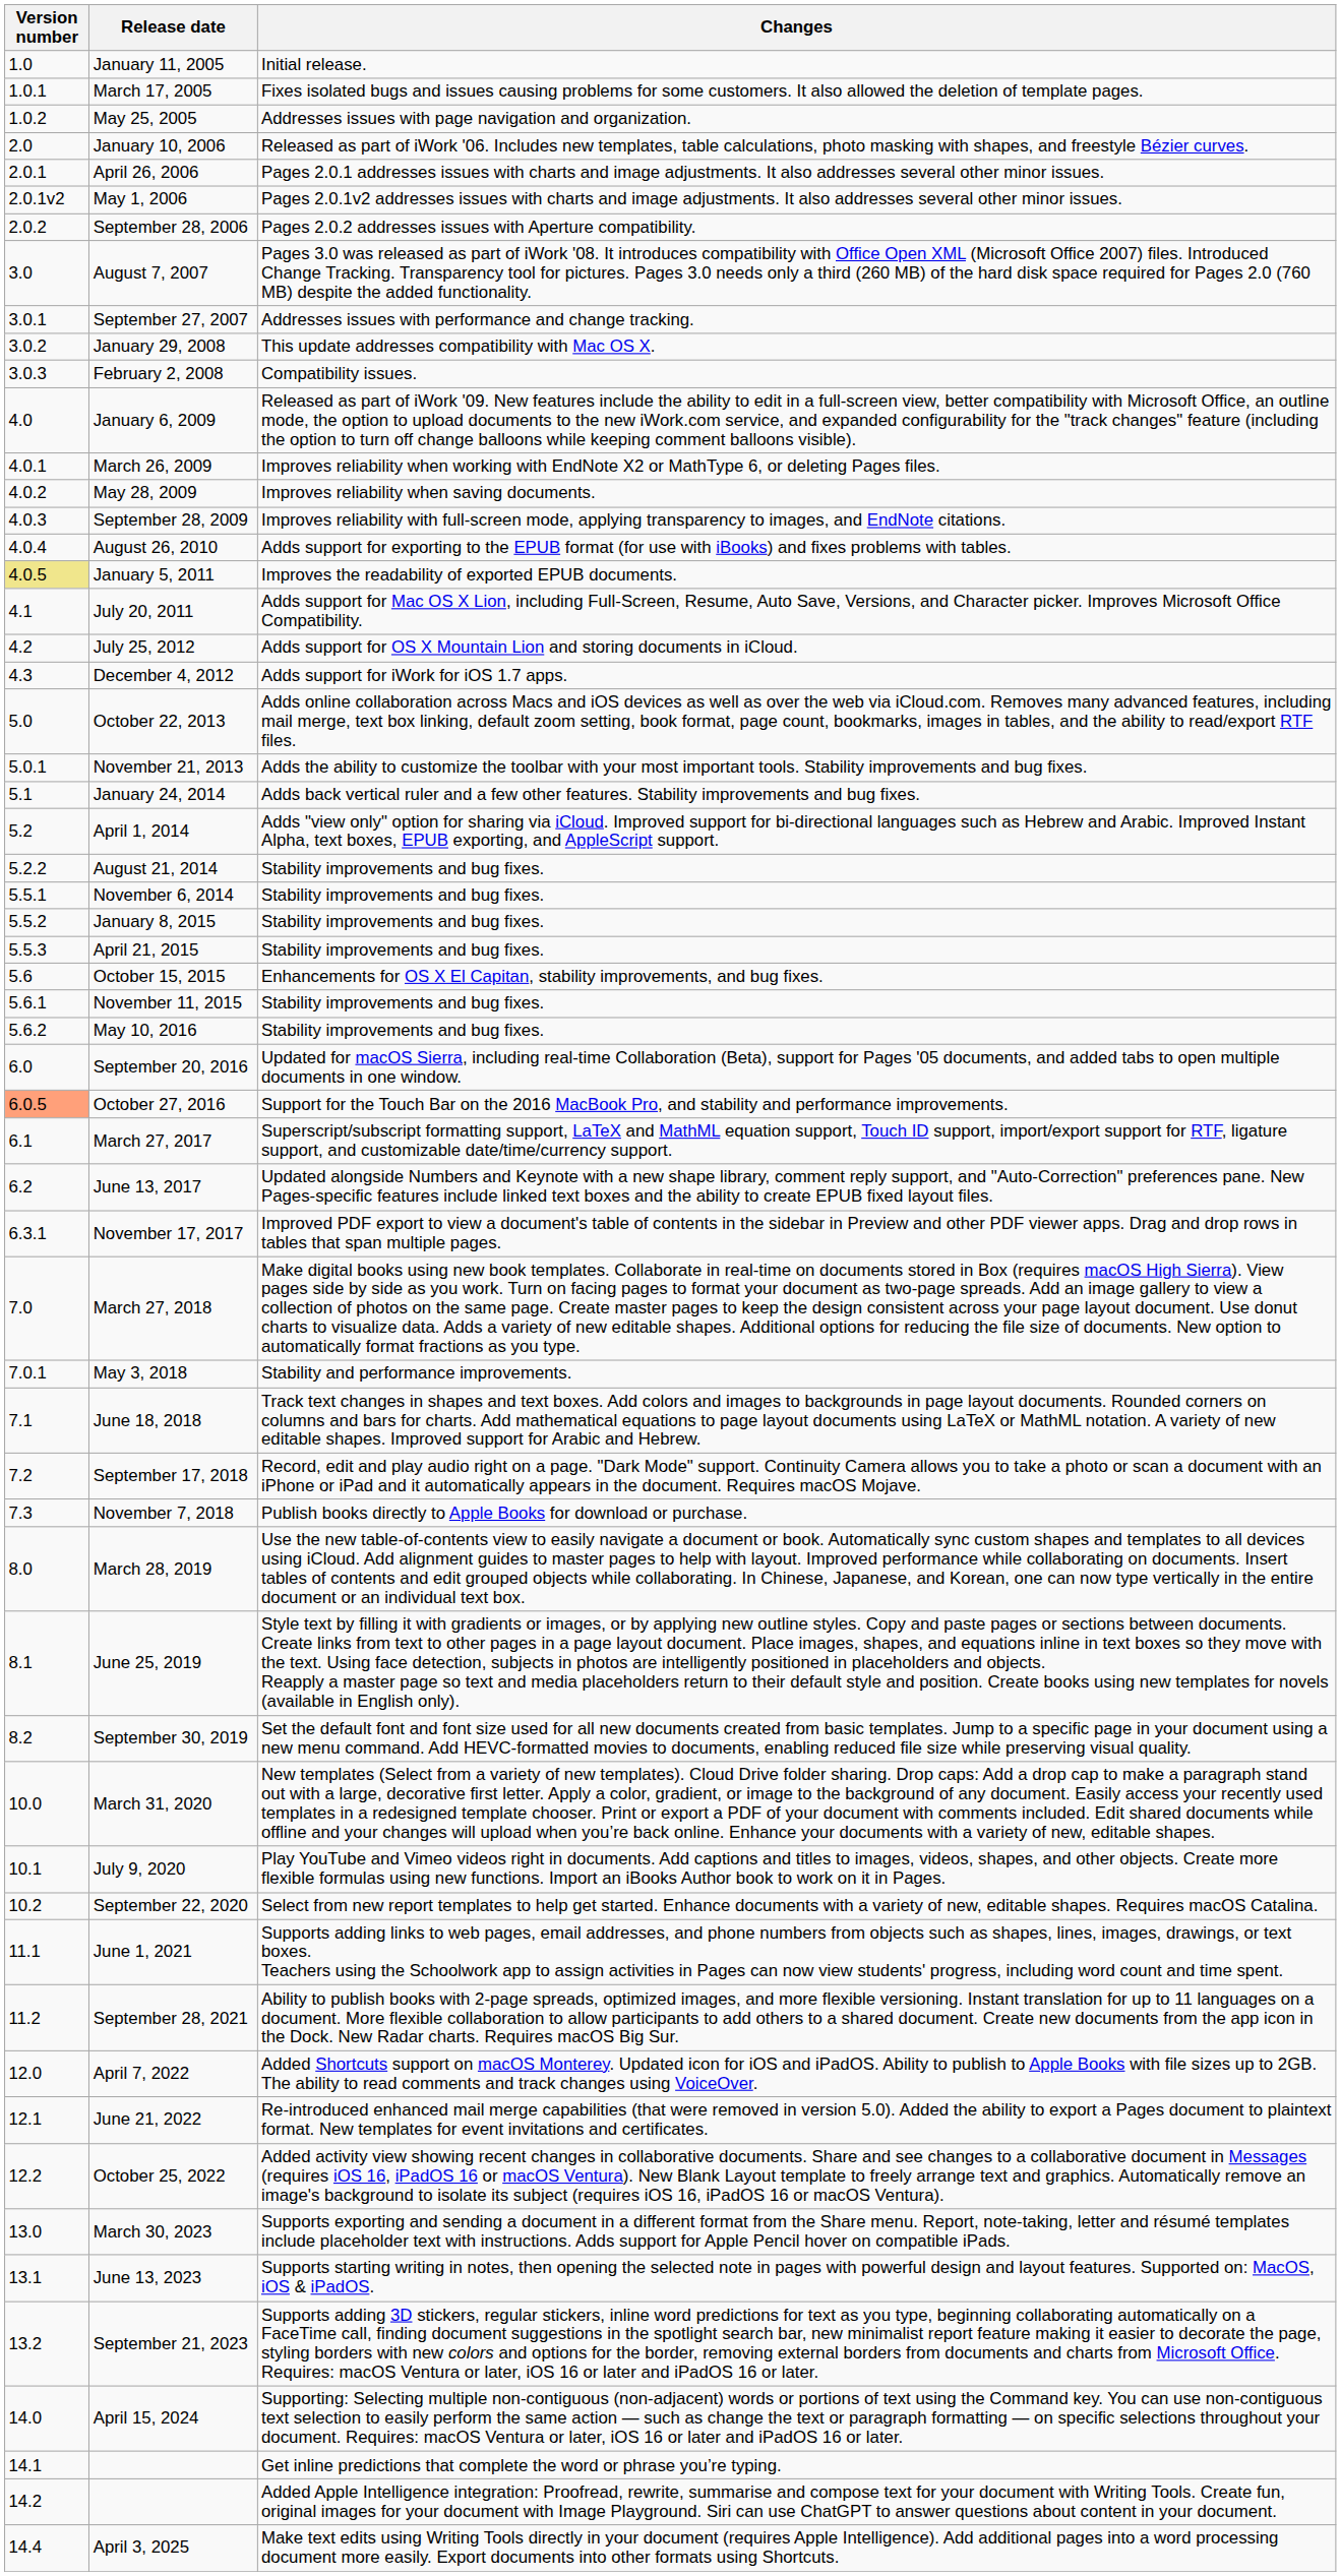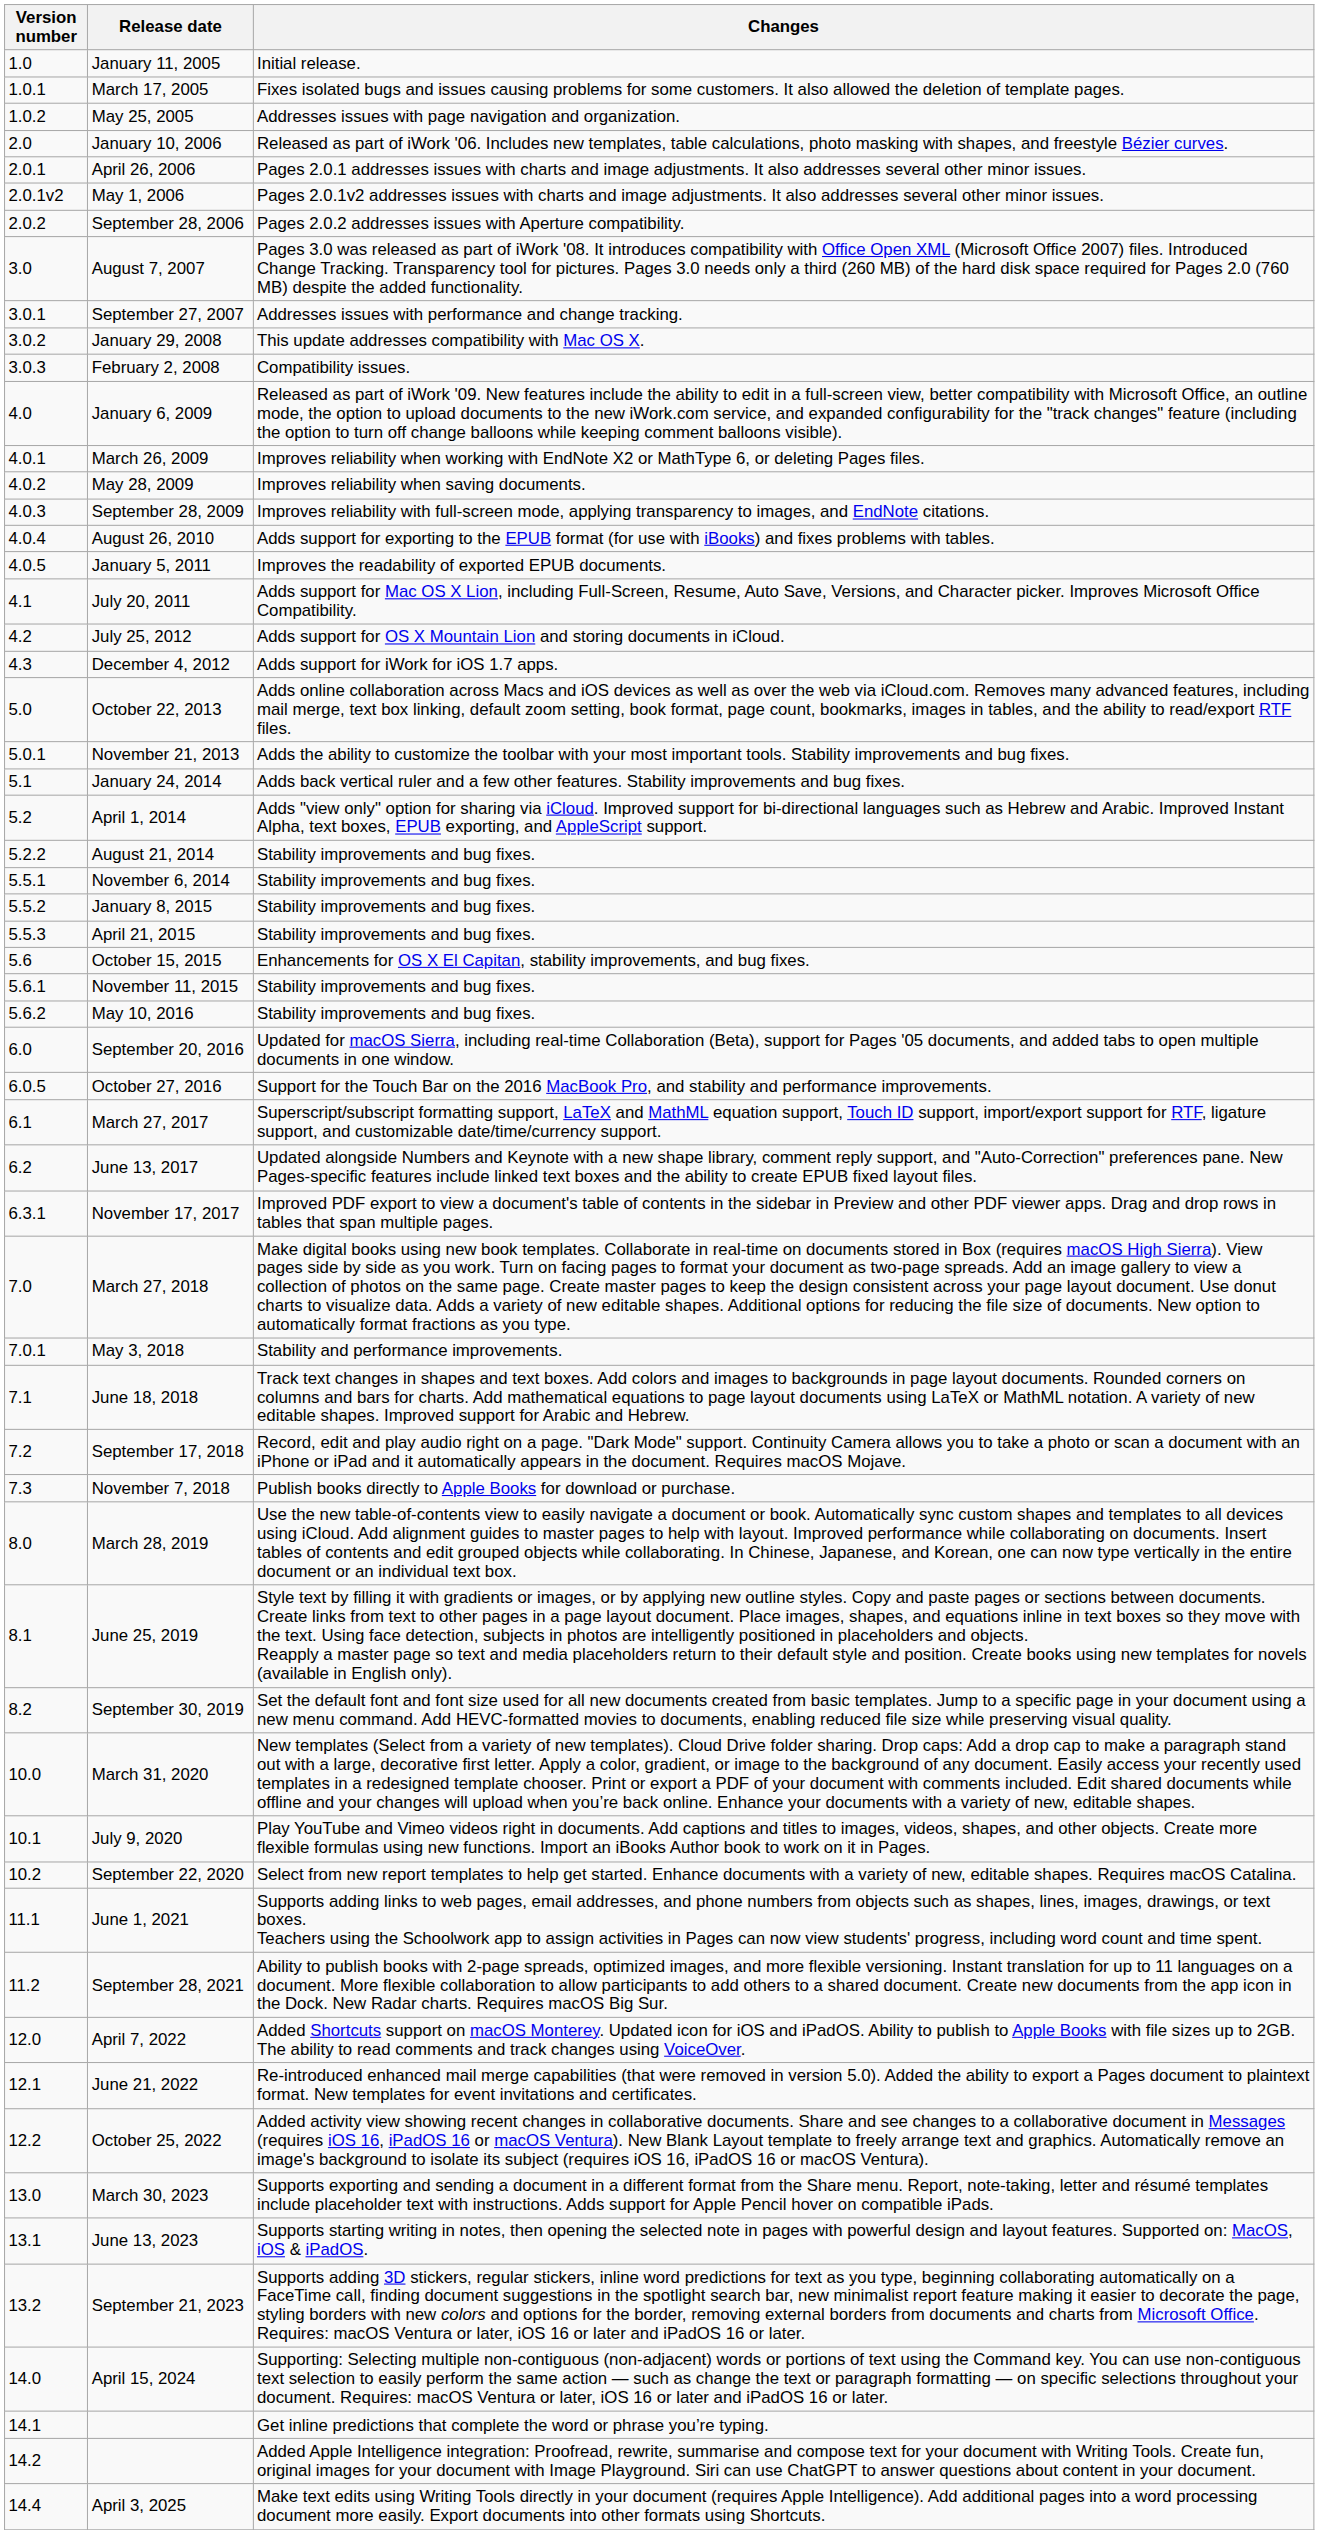 <table class="wikitable" style="text-align: left;">
 <tr>
 <th>Version number</th>
 <th width="150">Release date</th>
 <th>Changes</th>
 </tr>
 <tr>
 <td>1.0</td>
 <td>January 11, 2005</td>
 <td>Initial release.</td>
 </tr>
 <tr>
 <td>1.0.1</td>
 <td>March 17, 2005</td>
 <td>Fixes isolated bugs and issues causing problems for some customers. It also allowed the deletion of template pages.</td>
 </tr>
 <tr>
 <td>1.0.2</td>
 <td>May 25, 2005</td>
 <td>Addresses issues with page navigation and organization.</td>
 </tr>
 <tr>
 <td>2.0</td>
 <td>January 10, 2006</td>
 <td>Released as part of iWork '06. Includes new templates, table calculations, photo masking with shapes, and freestyle <a href='#'>Bézier curves</a>.</td>
 </tr>
 <tr>
 <td>2.0.1</td>
 <td>April 26, 2006</td>
 <td>Pages 2.0.1 addresses issues with charts and image adjustments. It also addresses several other minor issues.</td>
 </tr>
 <tr>
 <td>2.0.1v2</td>
 <td>May 1, 2006</td>
 <td>Pages 2.0.1v2 addresses issues with charts and image adjustments. It also addresses several other minor issues.</td>
 </tr>
 <tr>
 <td>2.0.2</td>
 <td>September 28, 2006</td>
 <td>Pages 2.0.2 addresses issues with Aperture compatibility.</td>
 </tr>
 <tr>
 <td>3.0</td>
 <td>August 7, 2007</td>
 <td>Pages 3.0 was released as part of iWork '08. It introduces compatibility with <a href='#'>Office Open XML</a> (Microsoft Office 2007) files. Introduced Change Tracking. Transparency tool for pictures. Pages 3.0 needs only a third (260 MB) of the hard disk space required for Pages 2.0 (760 MB) despite the added functionality.</td>
 </tr>
 <tr>
 <td>3.0.1</td>
 <td>September 27, 2007</td>
 <td>Addresses issues with performance and change tracking.</td>
 </tr>
 <tr>
 <td>3.0.2</td>
 <td>January 29, 2008</td>
 <td>This update addresses compatibility with <a href='#'>Mac OS X</a>.</td>
 </tr>
 <tr>
 <td>3.0.3</td>
 <td>February 2, 2008</td>
 <td>Compatibility issues.</td>
 </tr>
 <tr>
 <td>4.0</td>
 <td>January 6, 2009</td>
 <td>Released as part of iWork '09. New features include the ability to edit in a full-screen view, better compatibility with Microsoft Office, an outline mode, the option to upload documents to the new iWork.com service, and expanded configurability for the "track changes" feature (including the option to turn off change balloons while keeping comment balloons visible).</td>
 </tr>
 <tr>
 <td>4.0.1</td>
 <td>March 26, 2009</td>
 <td>Improves reliability when working with EndNote X2 or MathType 6, or deleting Pages files.</td>
 </tr>
 <tr>
 <td>4.0.2</td>
 <td>May 28, 2009</td>
 <td>Improves reliability when saving documents.</td>
 </tr>
 <tr>
 <td>4.0.3</td>
 <td>September 28, 2009</td>
 <td>Improves reliability with full-screen mode, applying transparency to images, and <a href='#'>EndNote</a> citations.</td>
 </tr>
 <tr>
 <td>4.0.4</td>
 <td>August 26, 2010</td>
 <td>Adds support for exporting to the <a href='#'>EPUB</a> format (for use with <a href='#'>iBooks</a>) and fixes problems with tables.</td>
 </tr>
 <tr>
-<td style="background: khaki;">4.0.5</td>
+<td>4.0.5</td>
 <td>January 5, 2011</td>
 <td>Improves the readability of exported EPUB documents.</td>
 </tr>
 <tr>
 <td>4.1</td>
 <td>July 20, 2011</td>
 <td>Adds support for <a href='#'>Mac OS X Lion</a>, including Full-Screen, Resume, Auto Save, Versions, and Character picker. Improves Microsoft Office Compatibility.</td>
 </tr>
 <tr>
 <td>4.2</td>
 <td>July 25, 2012</td>
 <td>Adds support for <a href='#'>OS X Mountain Lion</a> and storing documents in iCloud.</td>
 </tr>
 <tr>
 <td>4.3</td>
 <td>December 4, 2012</td>
 <td>Adds support for iWork for iOS 1.7 apps.</td>
 </tr>
 <tr>
 <td>5.0</td>
 <td>October 22, 2013</td>
 <td>Adds online collaboration across Macs and iOS devices as well as over the web via iCloud.com. Removes many advanced features, including mail merge, text box linking, default zoom setting, book format, page count, bookmarks, images in tables, and the ability to read/export <a href='#'>RTF</a> files.</td>
 </tr>
 <tr>
 <td>5.0.1</td>
 <td>November 21, 2013</td>
 <td>Adds the ability to customize the toolbar with your most important tools. Stability improvements and bug fixes.</td>
 </tr>
 <tr>
 <td>5.1</td>
 <td>January 24, 2014</td>
 <td>Adds back vertical ruler and a few other features. Stability improvements and bug fixes.</td>
 </tr>
 <tr>
 <td>5.2</td>
 <td>April 1, 2014</td>
 <td>Adds "view only" option for sharing via <a href='#'>iCloud</a>. Improved support for bi-directional languages such as Hebrew and Arabic. Improved Instant Alpha, text boxes, <a href='#'>EPUB</a> exporting, and <a href='#'>AppleScript</a> support.</td>
 </tr>
 <tr>
 <td>5.2.2</td>
 <td>August 21, 2014</td>
 <td>Stability improvements and bug fixes.</td>
 </tr>
 <tr>
 <td>5.5.1</td>
 <td>November 6, 2014</td>
 <td>Stability improvements and bug fixes.</td>
 </tr>
 <tr>
 <td>5.5.2</td>
 <td>January 8, 2015</td>
 <td>Stability improvements and bug fixes.</td>
 </tr>
 <tr>
 <td>5.5.3</td>
 <td>April 21, 2015</td>
 <td>Stability improvements and bug fixes.</td>
 </tr>
 <tr>
 <td>5.6</td>
 <td>October 15, 2015</td>
 <td>Enhancements for <a href='#'>OS X El Capitan</a>, stability improvements, and bug fixes.</td>
 </tr>
 <tr>
 <td>5.6.1</td>
 <td>November 11, 2015</td>
 <td>Stability improvements and bug fixes.</td>
 </tr>
 <tr>
 <td>5.6.2</td>
 <td>May 10, 2016</td>
 <td>Stability improvements and bug fixes.</td>
 </tr>
 <tr>
 <td>6.0</td>
 <td>September 20, 2016</td>
 <td>Updated for <a href='#'>macOS Sierra</a>, including real-time Collaboration (Beta), support for Pages '05 documents, and added tabs to open multiple documents in one window.</td>
 </tr>
 <tr>
-<td style="background: lightsalmon;">6.0.5</td>
+<td>6.0.5</td>
 <td>October 27, 2016</td>
 <td>Support for the Touch Bar on the 2016 <a href='#'>MacBook Pro</a>, and stability and performance improvements.</td>
 </tr>
 <tr>
 <td>6.1</td>
 <td>March 27, 2017</td>
 <td>Superscript/subscript formatting support, <a href='#'>LaTeX</a> and <a href='#'>MathML</a> equation support, <a href='#'>Touch ID</a> support, import/export support for <a href='#'>RTF</a>, ligature support, and customizable date/time/currency support.</td>
 </tr>
 <tr>
 <td>6.2</td>
 <td>June 13, 2017</td>
 <td>Updated alongside Numbers and Keynote with a new shape library, comment reply support, and "Auto-Correction" preferences pane. New Pages-specific features include linked text boxes and the ability to create EPUB fixed layout files.</td>
 </tr>
 <tr>
 <td>6.3.1</td>
 <td>November 17, 2017</td>
 <td>Improved PDF export to view a document's table of contents in the sidebar in Preview and other PDF viewer apps. Drag and drop rows in tables that span multiple pages.</td>
 </tr>
 <tr>
 <td>7.0</td>
 <td>March 27, 2018</td>
 <td>Make digital books using new book templates. Collaborate in real-time on documents stored in Box (requires <a href='#'>macOS High Sierra</a>). View pages side by side as you work. Turn on facing pages to format your document as two-page spreads. Add an image gallery to view a collection of photos on the same page. Create master pages to keep the design consistent across your page layout document. Use donut charts to visualize data. Adds a variety of new editable shapes. Additional options for reducing the file size of documents. New option to automatically format fractions as you type.</td>
 </tr>
 <tr>
 <td>7.0.1</td>
 <td>May 3, 2018</td>
 <td>Stability and performance improvements.</td>
 </tr>
 <tr>
 <td>7.1</td>
 <td>June 18, 2018</td>
 <td>Track text changes in shapes and text boxes. Add colors and images to backgrounds in page layout documents. Rounded corners on columns and bars for charts. Add mathematical equations to page layout documents using LaTeX or MathML notation. A variety of new editable shapes. Improved support for Arabic and Hebrew.</td>
 </tr>
 <tr>
 <td>7.2</td>
 <td>September 17, 2018</td>
 <td>Record, edit and play audio right on a page. "Dark Mode" support. Continuity Camera allows you to take a photo or scan a document with an iPhone or iPad and it automatically appears in the document. Requires macOS Mojave.</td>
 </tr>
 <tr>
 <td>7.3</td>
 <td>November 7, 2018</td>
 <td>Publish books directly to <a href='#'>Apple Books</a> for download or purchase.</td>
 </tr>
 <tr>
 <td>8.0</td>
 <td>March 28, 2019</td>
 <td>Use the new table-of-contents view to easily navigate a document or book. Automatically sync custom shapes and templates to all devices using iCloud. Add alignment guides to master pages to help with layout. Improved performance while collaborating on documents. Insert tables of contents and edit grouped objects while collaborating. In Chinese, Japanese, and Korean, one can now type vertically in the entire document or an individual text box.</td>
 </tr>
 <tr>
 <td>8.1</td>
 <td>June 25, 2019</td>
 <td>Style text by filling it with gradients or images, or by applying new outline styles. Copy and paste pages or sections between documents. Create links from text to other pages in a page layout document. Place images, shapes, and equations inline in text boxes so they move with the text. Using face detection, subjects in photos are intelligently positioned in placeholders and objects.<br>Reapply a master page so text and media placeholders return to their default style and position. Create books using new templates for novels (available in English only).</td>
 </tr>
 <tr>
 <td>8.2</td>
 <td>September 30, 2019</td>
 <td>Set the default font and font size used for all new documents created from basic templates. Jump to a specific page in your document using a new menu command. Add HEVC-formatted movies to documents, enabling reduced file size while preserving visual quality.</td>
 </tr>
 <tr>
 <td>10.0</td>
 <td>March 31, 2020</td>
 <td>New templates (Select from a variety of new templates). Cloud Drive folder sharing. Drop caps: Add a drop cap to make a paragraph stand out with a large, decorative first letter. Apply a color, gradient, or image to the background of any document. Easily access your recently used templates in a redesigned template chooser. Print or export a PDF of your document with comments included. Edit shared documents while offline and your changes will upload when you’re back online. Enhance your documents with a variety of new, editable shapes.</td>
 </tr>
 <tr>
 <td>10.1</td>
 <td>July 9, 2020</td>
 <td>Play YouTube and Vimeo videos right in documents. Add captions and titles to images, videos, shapes, and other objects. Create more flexible formulas using new functions. Import an iBooks Author book to work on it in Pages.</td>
 </tr>
 <tr>
 <td>10.2</td>
 <td>September 22, 2020</td>
 <td>Select from new report templates to help get started. Enhance documents with a variety of new, editable shapes. Requires macOS Catalina.</td>
 </tr>
 <tr>
 <td>11.1</td>
 <td>June 1, 2021</td>
 <td>Supports adding links to web pages, email addresses, and phone numbers from objects such as shapes, lines, images, drawings, or text boxes.<br>Teachers using the Schoolwork app to assign activities in Pages can now view students' progress, including word count and time spent.</td>
 </tr>
 <tr>
 <td>11.2</td>
 <td>September 28, 2021</td>
 <td>Ability to publish books with 2-page spreads, optimized images, and more flexible versioning. Instant translation for up to 11 languages on a document. More flexible collaboration to allow participants to add others to a shared document. Create new documents from the app icon in the Dock. New Radar charts. Requires macOS Big Sur.</td>
 </tr>
 <tr>
 <td>12.0</td>
 <td>April 7, 2022</td>
 <td>Added <a href='#'>Shortcuts</a> support on <a href='#'>macOS Monterey</a>. Updated icon for iOS and iPadOS. Ability to publish to <a href='#'>Apple Books</a> with file sizes up to 2GB. The ability to read comments and track changes using <a href='#'>VoiceOver</a>.</td>
 </tr>
 <tr>
 <td>12.1</td>
 <td>June 21, 2022</td>
 <td>Re-introduced enhanced mail merge capabilities (that were removed in version 5.0). Added the ability to export a Pages document to plaintext format. New templates for event invitations and certificates.</td>
 </tr>
 <tr>
 <td>12.2</td>
 <td>October 25, 2022</td>
 <td>Added activity view showing recent changes in collaborative documents. Share and see changes to a collaborative document in <a href='#'>Messages</a> (requires <a href='#'>iOS 16</a>, <a href='#'>iPadOS 16</a> or <a href='#'>macOS Ventura</a>). New Blank Layout template to freely arrange text and graphics. Automatically remove an image's background to isolate its subject (requires iOS 16, iPadOS 16 or macOS Ventura).</td>
 </tr>
 <tr>
 <td>13.0</td>
 <td>March 30, 2023</td>
 <td>Supports exporting and sending a document in a different format from the Share menu. Report, note-taking, letter and résumé templates include placeholder text with instructions. Adds support for Apple Pencil hover on compatible iPads.</td>
 </tr>
 <tr>
 <td>13.1</td>
 <td>June 13, 2023</td>
 <td>Supports starting writing in notes, then opening the selected note in pages with powerful design and layout features. Supported on: <a href='#'>MacOS</a>, <a href='#'>iOS</a> & <a href='#'>iPadOS</a>.</td>
 </tr>
 <tr>
 <td>13.2</td>
 <td>September 21, 2023</td>
 <td>Supports adding <a href='#'>3D</a> stickers, regular stickers, inline word predictions for text as you type, beginning collaborating automatically on a FaceTime call, finding document suggestions in the spotlight search bar, new minimalist report feature making it easier to decorate the page, styling borders with new <em>colors</em> and options for the border, removing external borders from documents and charts from <a href='#'>Microsoft Office</a>. Requires: macOS Ventura or later, iOS 16 or later and iPadOS 16 or later.</td>
 </tr>
 <tr>
 <td>14.0</td>
 <td>April 15, 2024</td>
 <td>Supporting: Selecting multiple non-contiguous (non-adjacent) words or portions of text using the Command key. You can use non-contiguous text selection to easily perform the same action — such as change the text or paragraph formatting — on specific selections throughout your document. Requires: macOS Ventura or later, iOS 16 or later and iPadOS 16 or later.</td>
 </tr>
 <tr>
 <td>14.1</td>
 <td></td>
 <td>Get inline predictions that complete the word or phrase you’re typing.</td>
 </tr>
 <tr>
 <td>14.2</td>
 <td></td>
 <td>Added Apple Intelligence integration: Proofread, rewrite, summarise and compose text for your document with Writing Tools. Create fun, original images for your document with Image Playground. Siri can use ChatGPT to answer questions about content in your document.</td>
 </tr>
 <tr>
 <td>14.4</td>
 <td>April 3, 2025</td>
 <td>Make text edits using Writing Tools directly in your document (requires Apple Intelligence). Add additional pages into a word processing document more easily. Export documents into other formats using Shortcuts.</td>
 </tr>
 </table>
